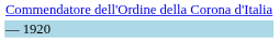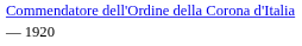 <table>
 <tr>
 <td rowspan=2 style="width:60px; vertical-align:top;"></td>
 <td><a href='#'>Commendatore dell'Ordine della Corona d'Italia</a></td>
 </tr>
 <tr>
-<td style="background: lightblue;">— 1920</td>
+<td>— 1920</td>
 </tr>
 </table>
